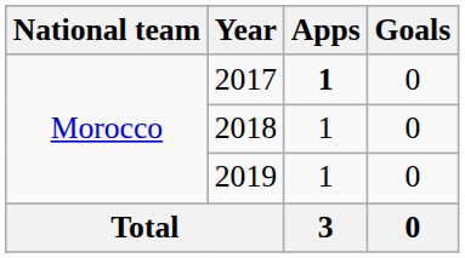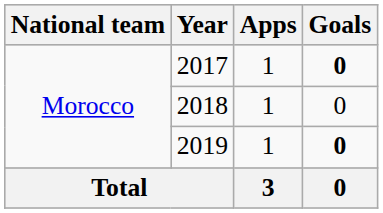 <table class="wikitable" style="text-align:center">
 <tr>
 <th>National team</th>
 <th>Year</th>
 <th>Apps</th>
 <th>Goals</th>
 </tr>
 <tr>
 <td rowspan="3"><a href='#'>Morocco</a></td>
 <td>2017</td>
-<td><strong>1</strong></td>
-<td>0</td>
+<td>1</td>
+<td><strong>0</strong></td>
 </tr>
 <tr>
 <td>2018</td>
 <td>1</td>
 <td>0</td>
 </tr>
 <tr>
 <td>2019</td>
 <td>1</td>
-<td>0</td>
+<td><strong>0</strong></td>
 </tr>
 <tr>
 <th colspan="2">Total</th>
 <th>3</th>
 <th>0</th>
 </tr>
 </table>
